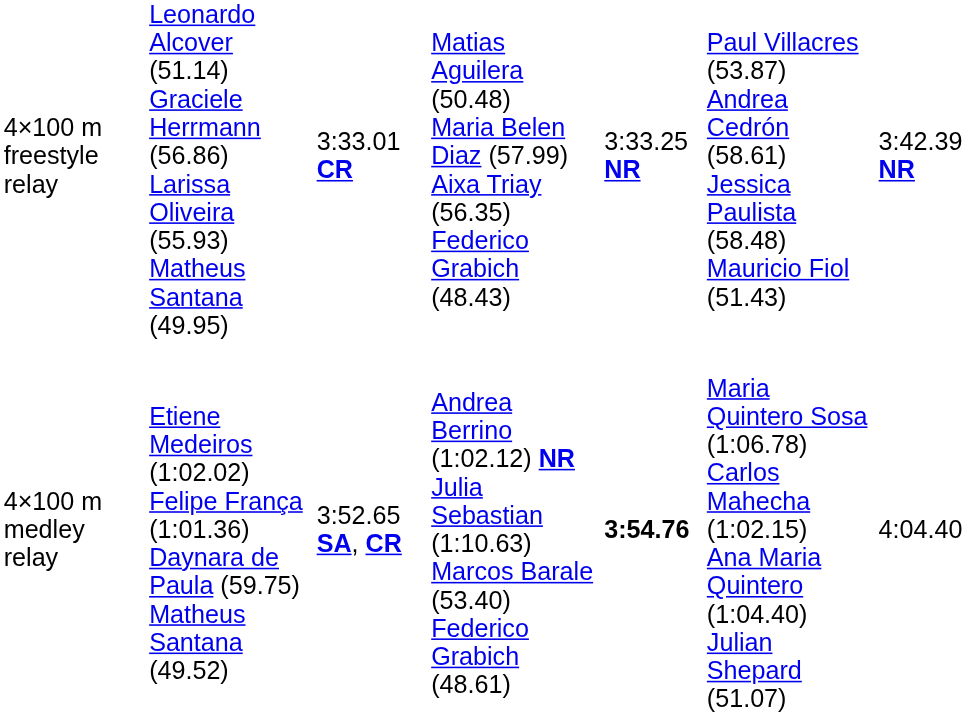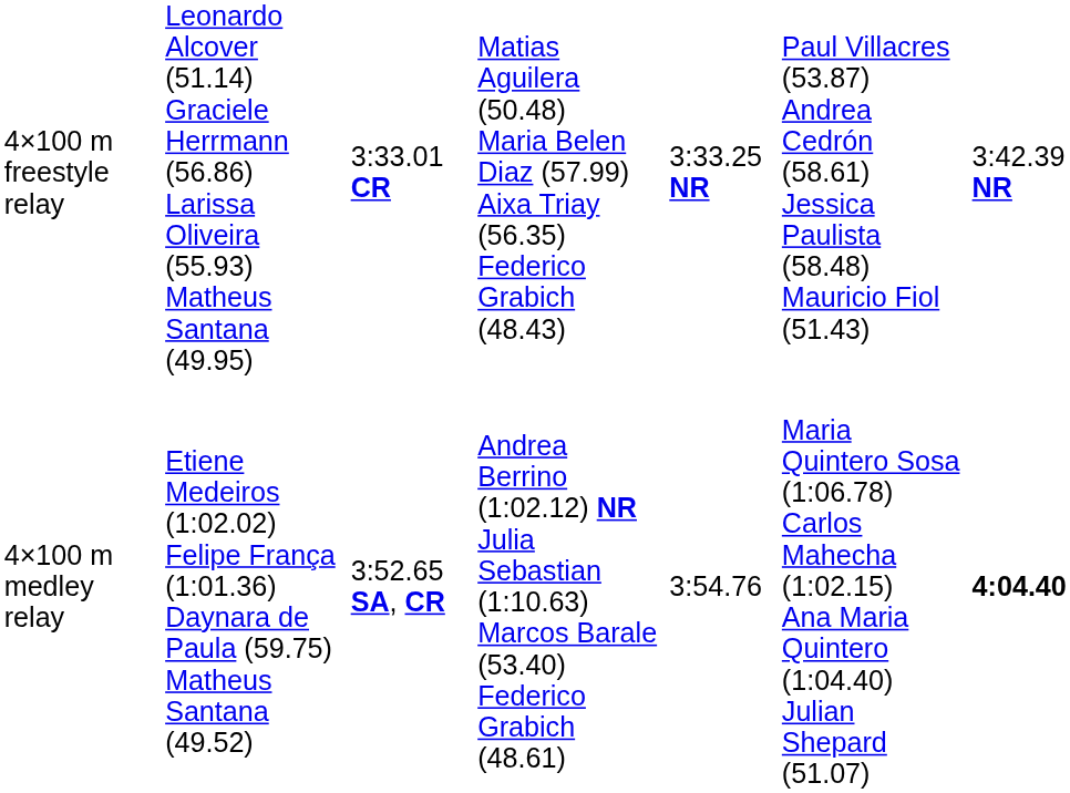 <table>
 <tr>
 <td>4×100 m freestyle relay<br></td>
 <td><strong></strong><br><a href='#'>Leonardo Alcover</a> (51.14) <br><a href='#'>Graciele Herrmann</a> (56.86)<br><a href='#'>Larissa Oliveira</a> (55.93)<br><a href='#'>Matheus Santana</a> (49.95)</td>
 <td>3:33.01 <br> <strong><a href='#'>CR</a></strong></td>
 <td><strong></strong><br><a href='#'>Matias Aguilera</a> (50.48) <br><a href='#'>Maria Belen Diaz</a> (57.99)<br><a href='#'>Aixa Triay</a> (56.35)<br><a href='#'>Federico Grabich</a> (48.43)</td>
 <td>3:33.25 <strong><a href='#'>NR</a></strong><br></td>
 <td><strong></strong><br><a href='#'>Paul Villacres</a> (53.87) <br><a href='#'>Andrea Cedrón</a> (58.61)<br><a href='#'>Jessica Paulista</a> (58.48)<br><a href='#'>Mauricio Fiol</a> (51.43)</td>
 <td>3:42.39 <strong><a href='#'>NR</a></strong><br></td>
 </tr>
 <tr>
 <td>4×100 m medley relay<br></td>
 <td><strong></strong><br><a href='#'>Etiene Medeiros</a> (1:02.02) <br><a href='#'>Felipe França</a> (1:01.36)<br><a href='#'>Daynara de Paula</a> (59.75)<br><a href='#'>Matheus Santana</a> (49.52)</td>
 <td>3:52.65 <strong><a href='#'>SA</a></strong>, <strong><a href='#'>CR</a></strong> <br></td>
 <td><strong></strong><br><a href='#'>Andrea Berrino</a> (1:02.12) <strong><a href='#'>NR</a></strong> <br><a href='#'>Julia Sebastian</a> (1:10.63)<br><a href='#'>Marcos Barale</a> (53.40)<br><a href='#'>Federico Grabich</a> (48.61)</td>
-<td><strong>3:54.76 <br></strong></td>
+<td>3:54.76 <br></td>
 <td><strong></strong><br><a href='#'>Maria Quintero Sosa</a> (1:06.78) <br><a href='#'>Carlos Mahecha</a> (1:02.15)<br><a href='#'>Ana Maria Quintero</a> (1:04.40)<br><a href='#'>Julian Shepard</a> (51.07)</td>
-<td>4:04.40 <br></td>
+<td><strong>4:04.40 <br></strong></td>
 </tr>
 </table>
